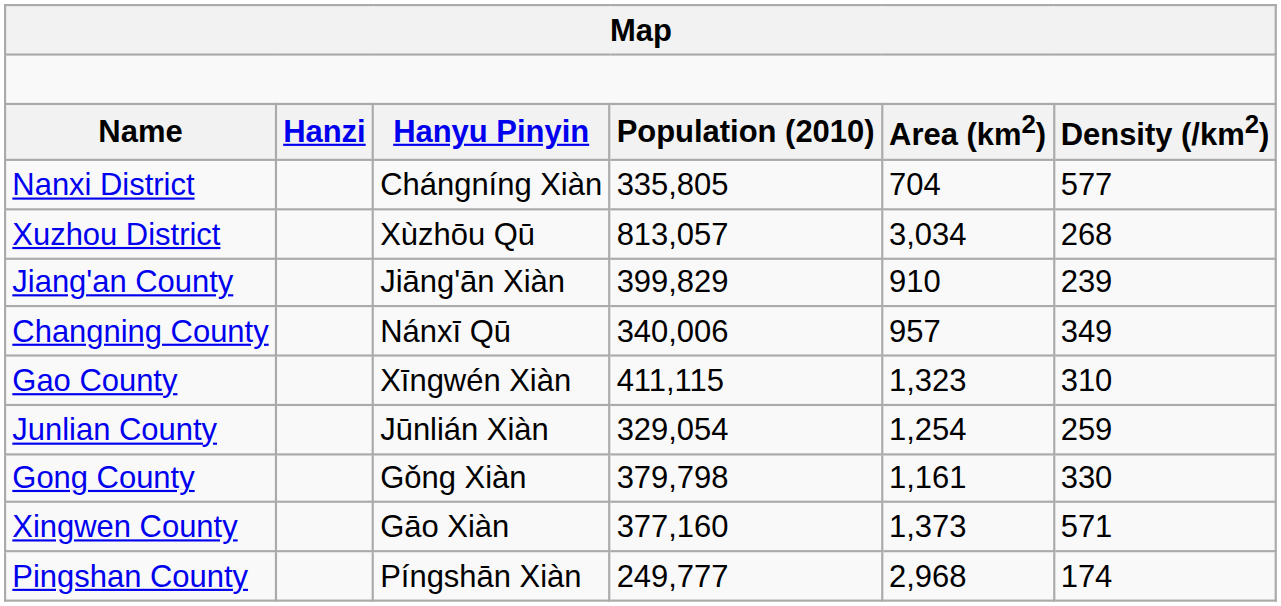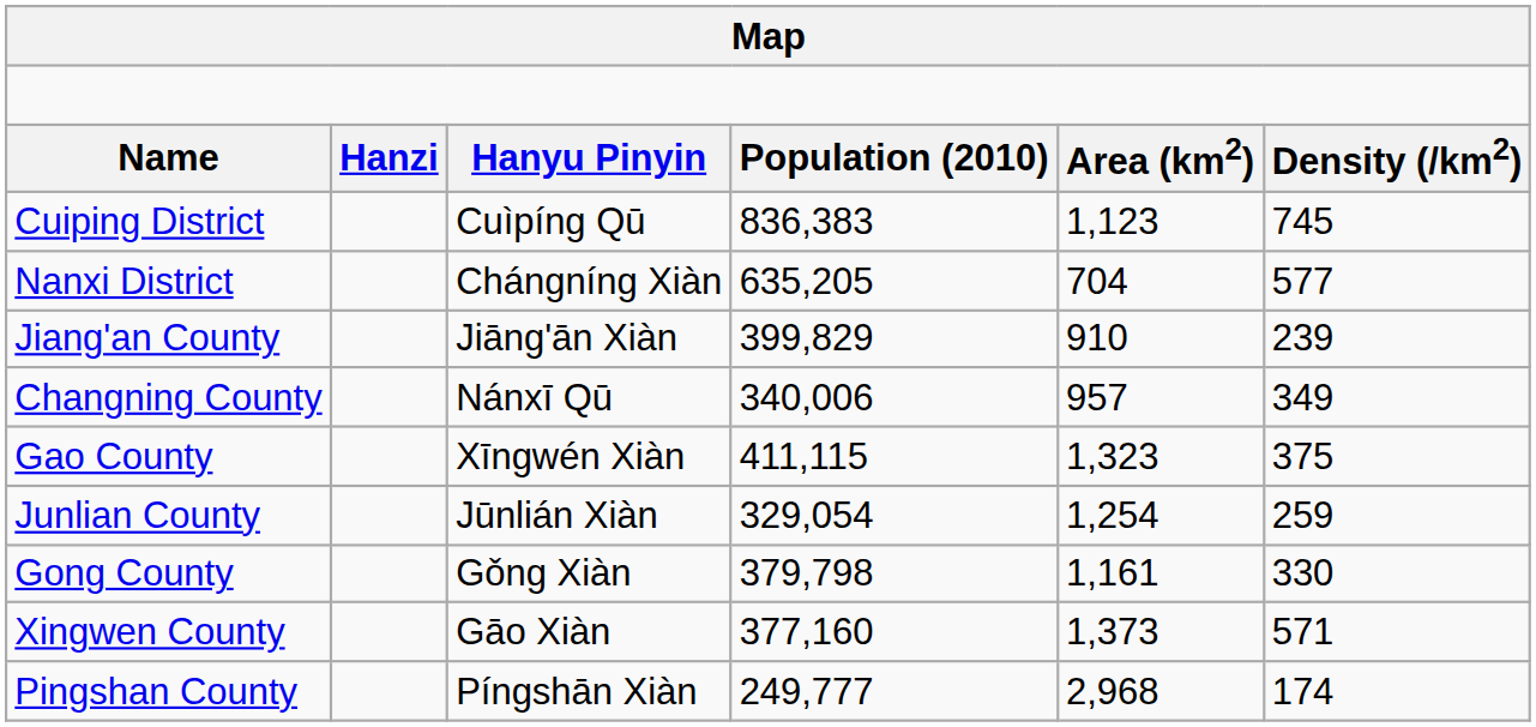 <table class="wikitable"  style="font-size:90%;" align=center>
 <tr>
 <th colspan="6" align="center">Map</th>
 </tr>
 <tr>
 <td colspan="6" align="center"><div><br>           </div></td>
 </tr>
 <tr>
 <th>Name</th>
 <th><a href='#'>Hanzi</a></th>
 <th><a href='#'>Hanyu Pinyin</a></th>
 <th>Population (2010)</th>
 <th>Area (km<sup>2</sup>)</th>
 <th>Density (/km<sup>2</sup>)</th>
 </tr>
 <tr --------->
+<td><a href='#'>Cuiping District</a></td>
+<td></td>
+<td>Cuìpíng Qū</td>
+<td>836,383</td>
+<td>1,123</td>
+<td>745</td>
+</tr>
+<tr --------->
 <td><a href='#'>Nanxi District</a></td>
 <td></td>
 <td>Chángníng Xiàn</td>
-<td>335,805</td>
+<td>635,205</td>
 <td>704</td>
 <td>577</td>
-</tr>
-<tr --------->
-<td><a href='#'>Xuzhou District</a></td>
-<td></td>
-<td>Xùzhōu Qū</td>
-<td>813,057</td>
-<td>3,034</td>
-<td>268</td>
 </tr>
 <tr --------->
 <td><a href='#'>Jiang'an County</a></td>
 <td></td>
 <td>Jiāng'ān Xiàn</td>
 <td>399,829</td>
 <td>910</td>
 <td>239</td>
 </tr>
 <tr --------->
 <td><a href='#'>Changning County</a></td>
 <td></td>
 <td>Nánxī Qū</td>
 <td>340,006</td>
 <td>957</td>
 <td>349</td>
 </tr>
 <tr --------->
 <td><a href='#'>Gao County</a></td>
 <td></td>
 <td>Xīngwén Xiàn</td>
 <td>411,115</td>
 <td>1,323</td>
-<td>310</td>
+<td>375</td>
 </tr>
 <tr --------->
 <td><a href='#'>Junlian County</a></td>
 <td></td>
 <td>Jūnlián Xiàn</td>
 <td>329,054</td>
 <td>1,254</td>
 <td>259</td>
 </tr>
 <tr --------->
 <td><a href='#'>Gong County</a></td>
 <td></td>
 <td>Gǒng Xiàn</td>
 <td>379,798</td>
 <td>1,161</td>
 <td>330</td>
 </tr>
 <tr --------->
 <td><a href='#'>Xingwen County</a></td>
 <td></td>
 <td>Gāo Xiàn</td>
 <td>377,160</td>
 <td>1,373</td>
 <td>571</td>
 </tr>
 <tr --------->
 <td><a href='#'>Pingshan County</a></td>
 <td></td>
 <td>Píngshān Xiàn</td>
 <td>249,777</td>
 <td>2,968</td>
 <td>174</td>
 </tr>
 </table>
